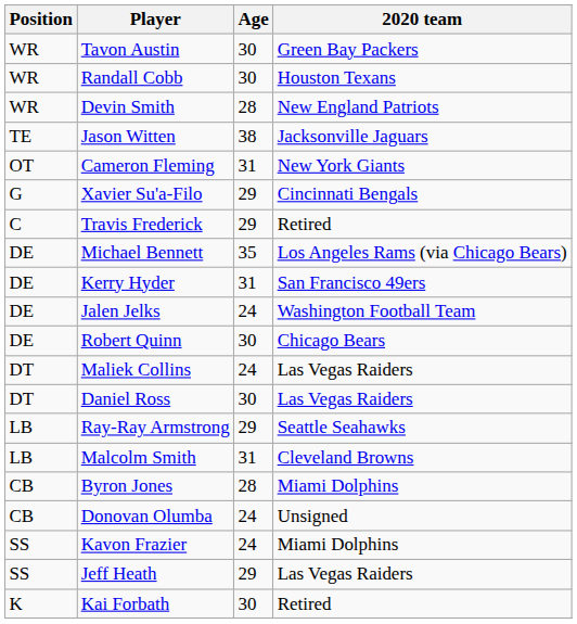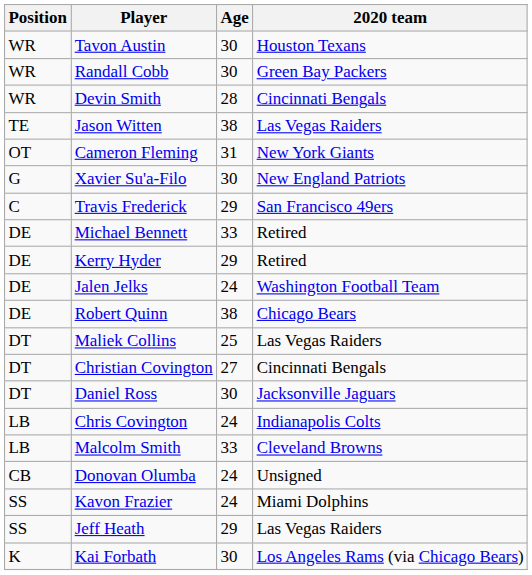 <table class="wikitable">
 <tr>
 <th>Position</th>
 <th>Player</th>
 <th>Age</th>
 <th>2020 team</th>
 </tr>
 <tr>
 <td>WR</td>
 <td><a href='#'>Tavon Austin</a></td>
 <td>30</td>
-<td><a href='#'>Green Bay Packers</a></td>
+<td><a href='#'>Houston Texans</a></td>
 </tr>
 <tr>
 <td>WR</td>
 <td><a href='#'>Randall Cobb</a></td>
 <td>30</td>
-<td><a href='#'>Houston Texans</a></td>
+<td><a href='#'>Green Bay Packers</a></td>
 </tr>
 <tr>
 <td>WR</td>
 <td><a href='#'>Devin Smith</a></td>
 <td>28</td>
-<td><a href='#'>New England Patriots</a></td>
+<td><a href='#'>Cincinnati Bengals</a></td>
 </tr>
 <tr>
 <td>TE</td>
 <td><a href='#'>Jason Witten</a></td>
 <td>38</td>
-<td><a href='#'>Jacksonville Jaguars</a></td>
+<td><a href='#'>Las Vegas Raiders</a></td>
 </tr>
 <tr>
 <td>OT</td>
 <td><a href='#'>Cameron Fleming</a></td>
 <td>31</td>
 <td><a href='#'>New York Giants</a></td>
 </tr>
 <tr>
 <td>G</td>
 <td><a href='#'>Xavier Su'a-Filo</a></td>
-<td>29</td>
-<td><a href='#'>Cincinnati Bengals</a></td>
+<td>30</td>
+<td><a href='#'>New England Patriots</a></td>
 </tr>
 <tr>
 <td>C</td>
 <td><a href='#'>Travis Frederick</a></td>
 <td>29</td>
+<td><a href='#'>San Francisco 49ers</a></td>
+</tr>
+<tr>
+<td>DE</td>
+<td><a href='#'>Michael Bennett</a></td>
+<td>33</td>
 <td>Retired</td>
 </tr>
 <tr>
 <td>DE</td>
-<td><a href='#'>Michael Bennett</a></td>
-<td>35</td>
-<td><a href='#'>Los Angeles Rams</a> (via <a href='#'>Chicago Bears</a>)</td>
-</tr>
-<tr>
-<td>DE</td>
 <td><a href='#'>Kerry Hyder</a></td>
-<td>31</td>
-<td><a href='#'>San Francisco 49ers</a></td>
+<td>29</td>
+<td>Retired</td>
 </tr>
 <tr>
 <td>DE</td>
 <td><a href='#'>Jalen Jelks</a></td>
 <td>24</td>
 <td><a href='#'>Washington Football Team</a></td>
 </tr>
 <tr>
 <td>DE</td>
 <td><a href='#'>Robert Quinn</a></td>
-<td>30</td>
+<td>38</td>
 <td><a href='#'>Chicago Bears</a></td>
 </tr>
 <tr>
 <td>DT</td>
 <td><a href='#'>Maliek Collins</a></td>
-<td>24</td>
+<td>25</td>
 <td>Las Vegas Raiders</td>
+</tr>
+<tr>
+<td>DT</td>
+<td><a href='#'>Christian Covington</a></td>
+<td>27</td>
+<td>Cincinnati Bengals</td>
 </tr>
 <tr>
 <td>DT</td>
 <td><a href='#'>Daniel Ross</a></td>
 <td>30</td>
-<td><a href='#'>Las Vegas Raiders</a></td>
+<td><a href='#'>Jacksonville Jaguars</a></td>
 </tr>
 <tr>
 <td>LB</td>
-<td><a href='#'>Ray-Ray Armstrong</a></td>
-<td>29</td>
-<td><a href='#'>Seattle Seahawks</a></td>
+<td><a href='#'>Chris Covington</a></td>
+<td>24</td>
+<td><a href='#'>Indianapolis Colts</a></td>
 </tr>
 <tr>
 <td>LB</td>
 <td><a href='#'>Malcolm Smith</a></td>
-<td>31</td>
+<td>33</td>
 <td><a href='#'>Cleveland Browns</a></td>
-</tr>
-<tr>
-<td>CB</td>
-<td><a href='#'>Byron Jones</a></td>
-<td>28</td>
-<td><a href='#'>Miami Dolphins</a></td>
 </tr>
 <tr>
 <td>CB</td>
 <td><a href='#'>Donovan Olumba</a></td>
 <td>24</td>
 <td>Unsigned</td>
 </tr>
 <tr>
 <td>SS</td>
 <td><a href='#'>Kavon Frazier</a></td>
 <td>24</td>
 <td>Miami Dolphins</td>
 </tr>
 <tr>
 <td>SS</td>
 <td><a href='#'>Jeff Heath</a></td>
 <td>29</td>
 <td>Las Vegas Raiders</td>
 </tr>
 <tr>
 <td>K</td>
 <td><a href='#'>Kai Forbath</a></td>
 <td>30</td>
-<td>Retired</td>
+<td><a href='#'>Los Angeles Rams</a> (via <a href='#'>Chicago Bears</a>)</td>
 </tr>
 <tr>
 </tr>
 </table>
